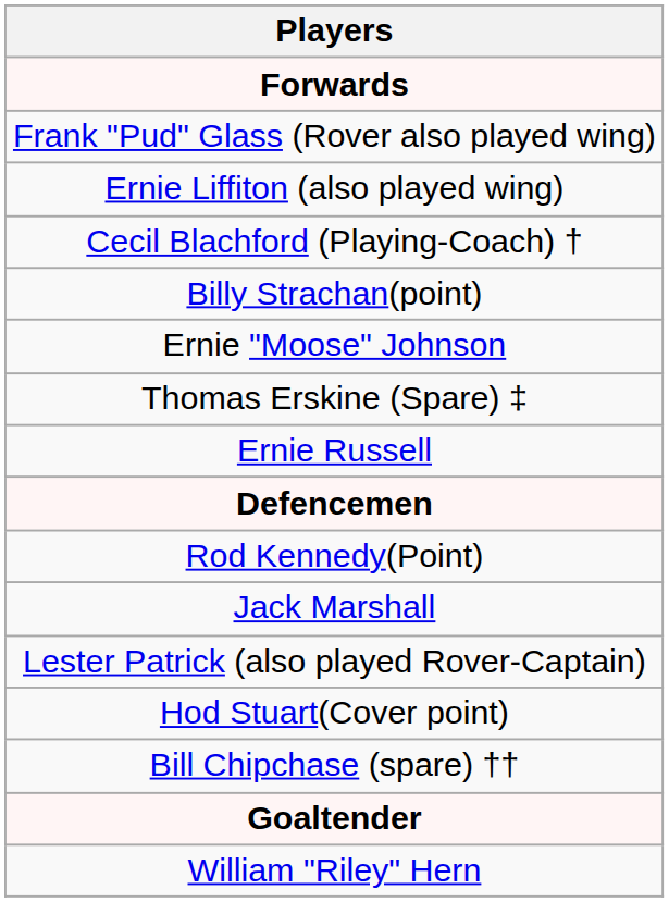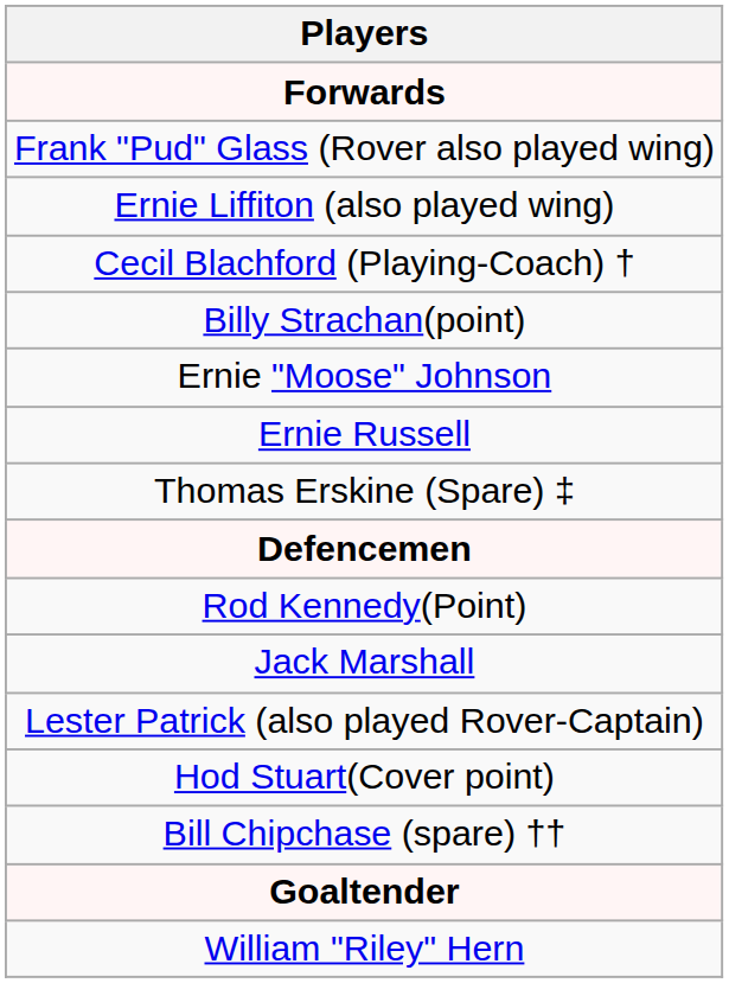 <table class="wikitable" style="text-align:center;">
 <tr>
 <th>Players</th>
 </tr>
 <tr style="font-weight:bold; background-color:#FFF5F5;">
 <td colspan="1" align="center"><strong>Forwards</strong></td>
 </tr>
 <tr>
 <td><a href='#'>Frank "Pud" Glass</a> (Rover also played wing)</td>
 </tr>
 <tr>
 <td><a href='#'>Ernie Liffiton</a> (also played wing)</td>
 </tr>
 <tr>
 <td><a href='#'>Cecil Blachford</a> (Playing-Coach) †</td>
 </tr>
 <tr>
 <td><a href='#'>Billy Strachan</a>(point)</td>
 </tr>
 <tr>
 <td>Ernie <a href='#'>"Moose" Johnson</a></td>
 </tr>
 <tr>
-<td>Thomas Erskine (Spare) ‡</td>
+<td><a href='#'>Ernie Russell</a></td>
 </tr>
 <tr>
-<td><a href='#'>Ernie Russell</a></td>
+<td>Thomas Erskine (Spare) ‡</td>
 </tr>
 <tr style="font-weight:bold; background-color:#FFF5F5;">
 <td colspan="1" align="center"><strong>Defencemen</strong></td>
 </tr>
 <tr>
 <td><a href='#'>Rod Kennedy</a>(Point)</td>
 </tr>
 <tr>
 <td><a href='#'>Jack Marshall</a></td>
 </tr>
 <tr>
 <td><a href='#'>Lester Patrick</a> (also played Rover-Captain)</td>
 </tr>
 <tr>
 <td><a href='#'>Hod Stuart</a>(Cover point)</td>
 </tr>
 <tr>
 <td><a href='#'>Bill Chipchase</a> (spare) ††</td>
 </tr>
 <tr style="font-weight:bold; background-color:#FFF5F5;">
 <td colspan="1" align="center"><strong>Goaltender</strong></td>
 </tr>
 <tr>
 <td><a href='#'>William "Riley" Hern</a></td>
 </tr>
 </table>
